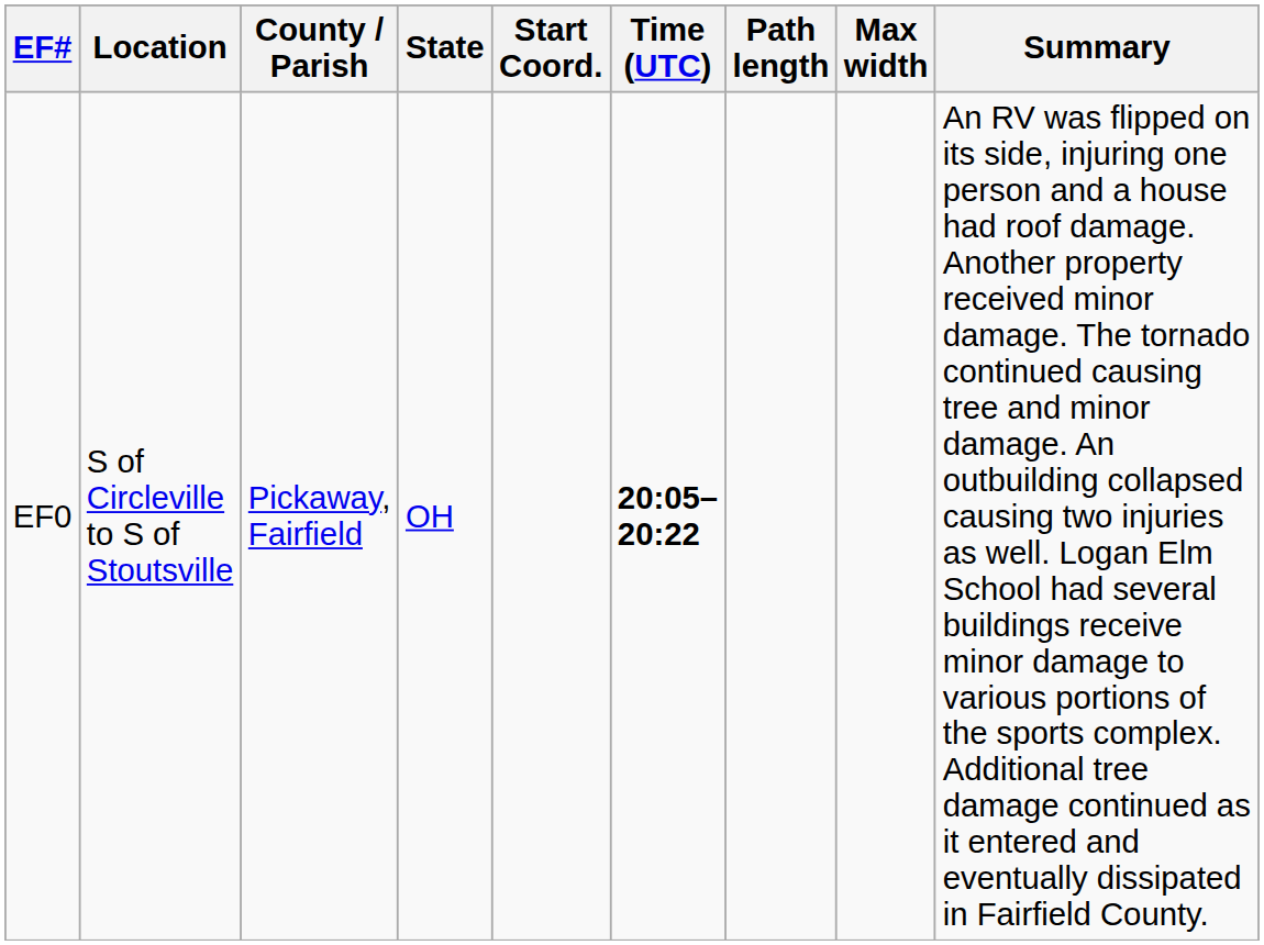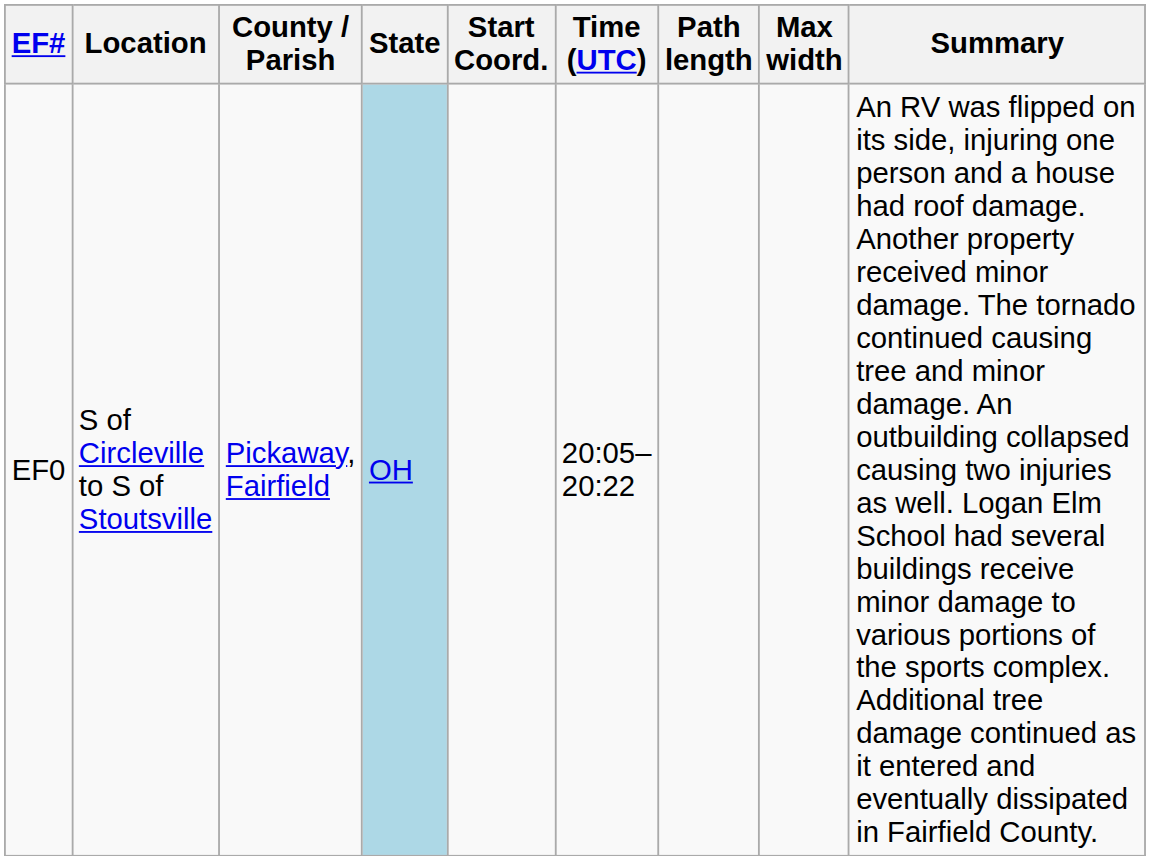 <table class="wikitable sortable" style="width:100%;">
 <tr>
 <th scope="col"  style="width:3%; text-align:center;"><a href='#'>EF#</a></th>
 <th scope="col"  style="width:7%; text-align:center;" class="unsortable">Location</th>
 <th scope="col"  style="width:6%; text-align:center;" class="unsortable">County / Parish</th>
 <th scope="col"  style="width:5%; text-align:center;">State</th>
 <th scope="col"  style="width:6%; text-align:center;">Start Coord.</th>
 <th scope="col"  style="width:6%; text-align:center;">Time (<a href='#'>UTC</a>)</th>
 <th scope="col"  style="width:6%; text-align:center;">Path length</th>
 <th scope="col"  style="width:6%; text-align:center;">Max width</th>
 <th scope="col" class="unsortable" style="width:48%; text-align:center;">Summary</th>
 </tr>
 <tr>
 <td>EF0</td>
 <td>S of <a href='#'>Circleville</a> to S of <a href='#'>Stoutsville</a></td>
 <td><a href='#'>Pickaway</a>, <a href='#'>Fairfield</a></td>
-<td><a href='#'>OH</a></td>
+<td style="background: lightblue;"><a href='#'>OH</a></td>
 <td></td>
-<td><strong>20:05–20:22</strong></td>
+<td>20:05–20:22</td>
 <td></td>
 <td></td>
 <td>An RV was flipped on its side, injuring one person and a house had roof damage. Another property received minor damage. The tornado continued causing tree and minor damage. An outbuilding collapsed causing two injuries as well. Logan Elm School had several buildings receive minor damage to various portions of the sports complex. Additional tree damage continued as it entered and eventually dissipated in Fairfield County.</td>
 </tr>
 <tr>
 </tr>
 </table>
